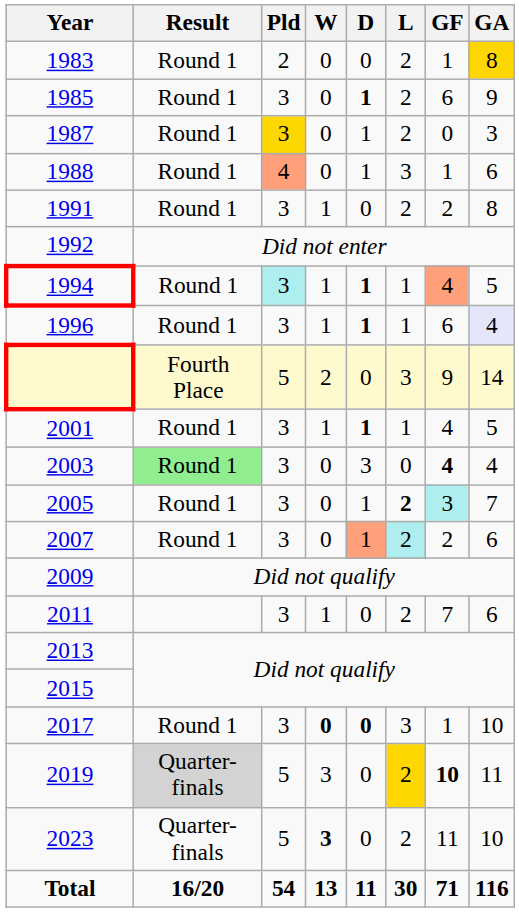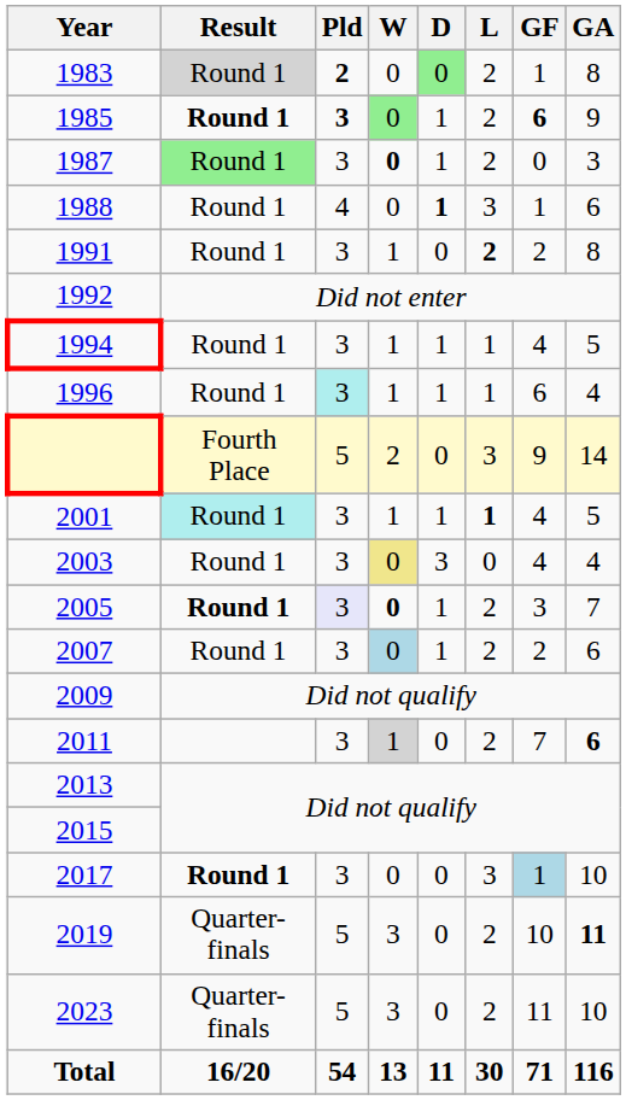 <table class="wikitable" style="text-align: center">
 <tr>
 <th width=80>Year</th>
 <th width=80>Result</th>
 <th width=20>Pld</th>
 <th width=20>W</th>
 <th width=20>D</th>
 <th width=20>L</th>
 <th width=20>GF</th>
 <th width=20>GA</th>
 </tr>
 <tr>
 <td> <a href='#'>1983</a></td>
-<td>Round 1</td>
-<td>2</td>
+<td style="background: lightgrey;">Round 1</td>
+<td><strong>2</strong></td>
 <td>0</td>
-<td>0</td>
+<td style="background: lightgreen;">0</td>
 <td>2</td>
 <td>1</td>
-<td style="background: gold;">8</td>
+<td>8</td>
 </tr>
 <tr>
 <td> <a href='#'>1985</a></td>
-<td>Round 1</td>
-<td>3</td>
-<td>0</td>
-<td><strong>1</strong></td>
+<td><strong>Round 1</strong></td>
+<td><strong>3</strong></td>
+<td style="background: lightgreen;">0</td>
+<td>1</td>
 <td>2</td>
-<td>6</td>
+<td><strong>6</strong></td>
 <td>9</td>
 </tr>
 <tr>
 <td> <a href='#'>1987</a></td>
-<td>Round 1</td>
-<td style="background: gold;">3</td>
-<td>0</td>
+<td style="background: lightgreen;">Round 1</td>
+<td>3</td>
+<td><strong>0</strong></td>
 <td>1</td>
 <td>2</td>
 <td>0</td>
 <td>3</td>
 </tr>
 <tr>
 <td> <a href='#'>1988</a></td>
 <td>Round 1</td>
-<td style="background: lightsalmon;">4</td>
+<td>4</td>
 <td>0</td>
-<td>1</td>
+<td><strong>1</strong></td>
 <td>3</td>
 <td>1</td>
 <td>6</td>
 </tr>
 <tr>
 <td> <a href='#'>1991</a></td>
 <td>Round 1</td>
 <td>3</td>
 <td>1</td>
 <td>0</td>
-<td>2</td>
+<td><strong>2</strong></td>
 <td>2</td>
 <td>8</td>
 </tr>
 <tr>
 <td> <a href='#'>1992</a></td>
 <td colspan="8"><em>Did not enter</em></td>
 </tr>
 <tr>
 <td style="border: 3px solid red"> <a href='#'>1994</a></td>
 <td>Round 1</td>
-<td style="background: paleturquoise;">3</td>
+<td>3</td>
 <td>1</td>
-<td><strong>1</strong></td>
 <td>1</td>
-<td style="background: lightsalmon;">4</td>
+<td>1</td>
+<td>4</td>
 <td>5</td>
 </tr>
 <tr>
 <td> <a href='#'>1996</a></td>
 <td>Round 1</td>
-<td>3</td>
+<td style="background: paleturquoise;">3</td>
 <td>1</td>
-<td><strong>1</strong></td>
+<td>1</td>
 <td>1</td>
 <td>6</td>
-<td style="background: lavender;">4</td>
+<td>4</td>
 </tr>
 <tr bgcolor=LemonChiffon>
 <td style="border: 3px solid red"></td>
 <td>Fourth Place</td>
 <td>5</td>
 <td>2</td>
 <td>0</td>
 <td>3</td>
 <td>9</td>
 <td>14</td>
 </tr>
 <tr>
 <td> <a href='#'>2001</a></td>
-<td>Round 1</td>
+<td style="background: paleturquoise;">Round 1</td>
 <td>3</td>
 <td>1</td>
+<td>1</td>
 <td><strong>1</strong></td>
-<td>1</td>
 <td>4</td>
 <td>5</td>
 </tr>
 <tr>
 <td> <a href='#'>2003</a></td>
-<td style="background: lightgreen;">Round 1</td>
+<td>Round 1</td>
+<td>3</td>
+<td style="background: khaki;">0</td>
 <td>3</td>
 <td>0</td>
-<td>3</td>
-<td>0</td>
-<td><strong>4</strong></td>
+<td>4</td>
 <td>4</td>
 </tr>
 <tr>
 <td> <a href='#'>2005</a></td>
-<td>Round 1</td>
+<td><strong>Round 1</strong></td>
+<td style="background: lavender;">3</td>
+<td><strong>0</strong></td>
+<td>1</td>
+<td>2</td>
 <td>3</td>
-<td>0</td>
-<td>1</td>
-<td><strong>2</strong></td>
-<td style="background: paleturquoise;">3</td>
 <td>7</td>
 </tr>
 <tr>
 <td> <a href='#'>2007</a></td>
 <td>Round 1</td>
 <td>3</td>
-<td>0</td>
-<td style="background: lightsalmon;">1</td>
-<td style="background: paleturquoise;">2</td>
+<td style="background: lightblue;">0</td>
+<td>1</td>
+<td>2</td>
 <td>2</td>
 <td>6</td>
 </tr>
 <tr>
 <td> <a href='#'>2009</a></td>
 <td colspan="8"><em>Did not qualify</em></td>
 </tr>
 <tr>
 <td> <a href='#'>2011</a></td>
 <td></td>
 <td>3</td>
-<td>1</td>
+<td style="background: lightgrey;">1</td>
 <td>0</td>
 <td>2</td>
 <td>7</td>
-<td>6</td>
+<td><strong>6</strong></td>
 </tr>
 <tr>
 <td> <a href='#'>2013</a></td>
 <td colspan=8 rowspan=2><em>Did not qualify</em></td>
 </tr>
 <tr>
 <td> <a href='#'>2015</a></td>
 </tr>
 <tr>
 <td> <a href='#'>2017</a></td>
-<td>Round 1</td>
+<td><strong>Round 1</strong></td>
 <td>3</td>
-<td><strong>0</strong></td>
-<td><strong>0</strong></td>
+<td>0</td>
+<td>0</td>
 <td>3</td>
-<td>1</td>
+<td style="background: lightblue;">1</td>
 <td>10</td>
 </tr>
 <tr>
 <td> <a href='#'>2019</a></td>
-<td style="background: lightgrey;">Quarter-finals</td>
+<td>Quarter-finals</td>
 <td>5</td>
 <td>3</td>
 <td>0</td>
-<td style="background: gold;">2</td>
-<td><strong>10</strong></td>
-<td>11</td>
+<td>2</td>
+<td>10</td>
+<td><strong>11</strong></td>
 </tr>
 <tr>
 <td> <a href='#'>2023</a></td>
 <td>Quarter-finals</td>
 <td>5</td>
-<td><strong>3</strong></td>
+<td>3</td>
 <td>0</td>
 <td>2</td>
 <td>11</td>
 <td>10</td>
 </tr>
 <tr>
 <td><strong>Total</strong></td>
 <td><strong>16/20</strong></td>
 <td><strong>54</strong></td>
 <td><strong>13</strong></td>
 <td><strong>11</strong></td>
 <td><strong>30</strong></td>
 <td><strong>71</strong></td>
 <td><strong>116</strong></td>
 </tr>
 </table>
